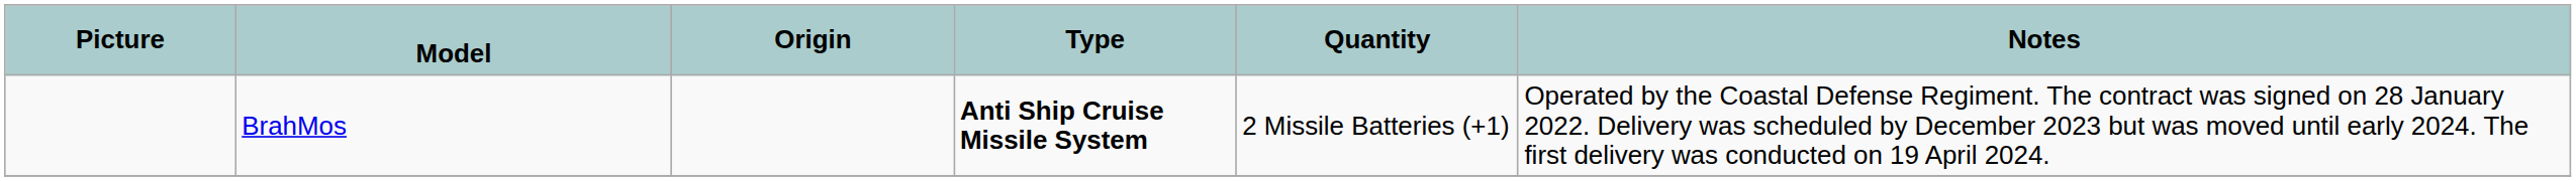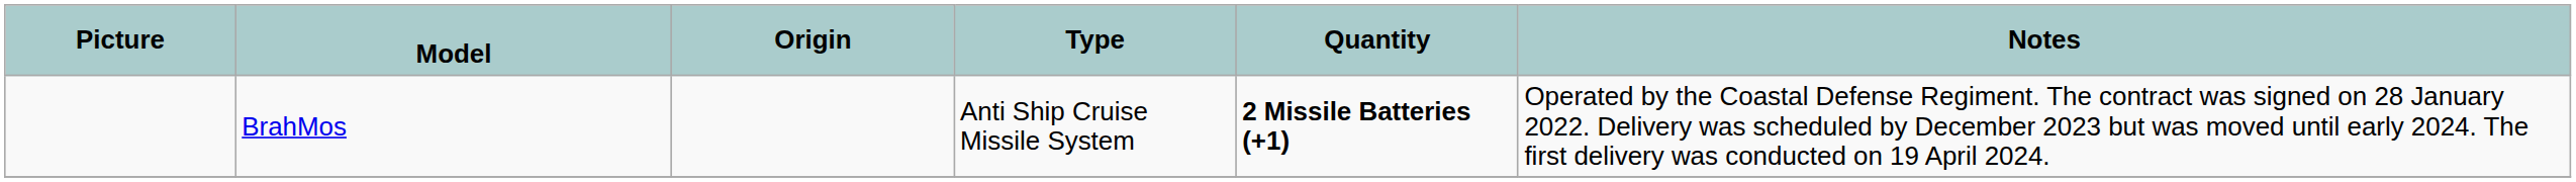 <table class="wikitable">
 <tr>
 <th style="text-align: center; background:#acc; width:9%;">Picture</th>
 <th style="text-align: center; background:#acc; width:17%;"><br>Model</th>
 <th style="text-align: center; background:#acc; width:11%;">Origin</th>
 <th style="text-align: center; background:#acc; width:11%;">Type</th>
 <th style="text-align: center; background:#acc; width:11%;">Quantity</th>
 <th style="text-align: center; background:#acc; width:41%;">Notes</th>
 </tr>
 <tr>
 <td></td>
 <td><a href='#'>BrahMos</a></td>
 <td></td>
-<td><strong>Anti Ship Cruise Missile System</strong></td>
-<td>2 Missile Batteries (+1)</td>
+<td>Anti Ship Cruise Missile System</td>
+<td><strong>2 Missile Batteries (+1)</strong></td>
 <td>Operated by the Coastal Defense Regiment. The contract was signed on 28 January 2022. Delivery was scheduled by December 2023 but was moved until early 2024. The first delivery was conducted on 19 April 2024.</td>
 </tr>
 <tr>
 </tr>
 </table>
